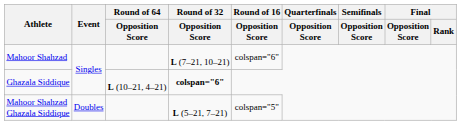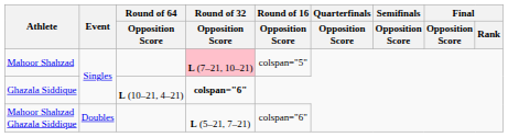 <table class=wikitable style="text-align:center; font-size:90%">
 <tr>
 <th rowspan="2">Athlete</th>
 <th rowspan="2">Event</th>
 <th>Round of 64</th>
 <th>Round of 32</th>
 <th>Round of 16</th>
 <th>Quarterfinals</th>
 <th>Semifinals</th>
 <th colspan="2">Final</th>
 </tr>
 <tr>
 <th>Opposition<br>Score</th>
 <th>Opposition<br>Score</th>
 <th>Opposition<br>Score</th>
 <th>Opposition<br>Score</th>
 <th>Opposition<br>Score</th>
 <th>Opposition<br>Score</th>
 <th>Rank</th>
 </tr>
 <tr>
 <td style="text-align:left"><a href='#'>Mahoor Shahzad</a></td>
 <td rowspan="2"><a href='#'>Singles</a></td>
 <td></td>
-<td><br><strong>L</strong> (7–21, 10–21)</td>
-<td>colspan="6" </td>
+<td style="background: pink;"><br><strong>L</strong> (7–21, 10–21)</td>
+<td>colspan="5" </td>
 </tr>
 <tr>
 <td style="text-align:left"><a href='#'>Ghazala Siddique</a></td>
 <td><br><strong>L</strong> (10–21, 4–21)</td>
 <td><strong>colspan="6" </strong></td>
 </tr>
 <tr>
 <td style="text-align:left"><a href='#'>Mahoor Shahzad</a><br><a href='#'>Ghazala Siddique</a></td>
 <td rowspan="2"><a href='#'>Doubles</a></td>
 <td></td>
 <td><br><strong>L</strong> (5–21, 7–21)</td>
-<td>colspan="5" </td>
+<td>colspan="6" </td>
 </tr>
 </table>
